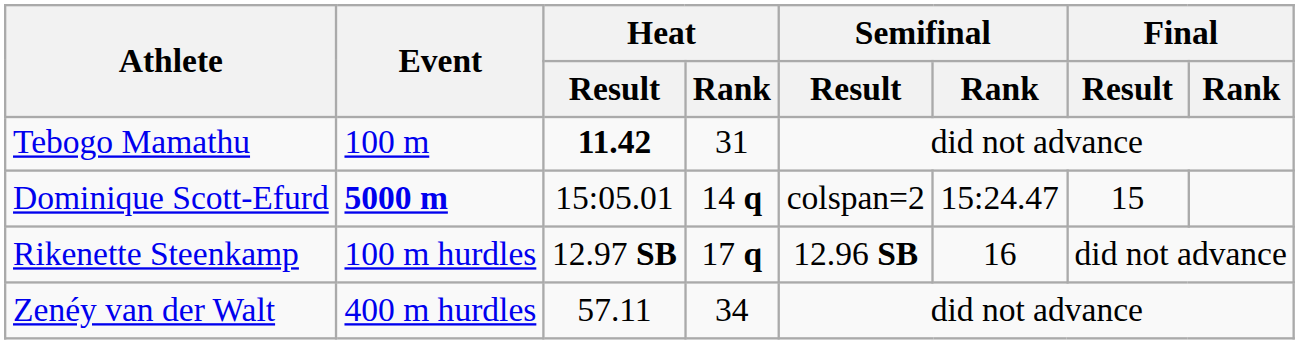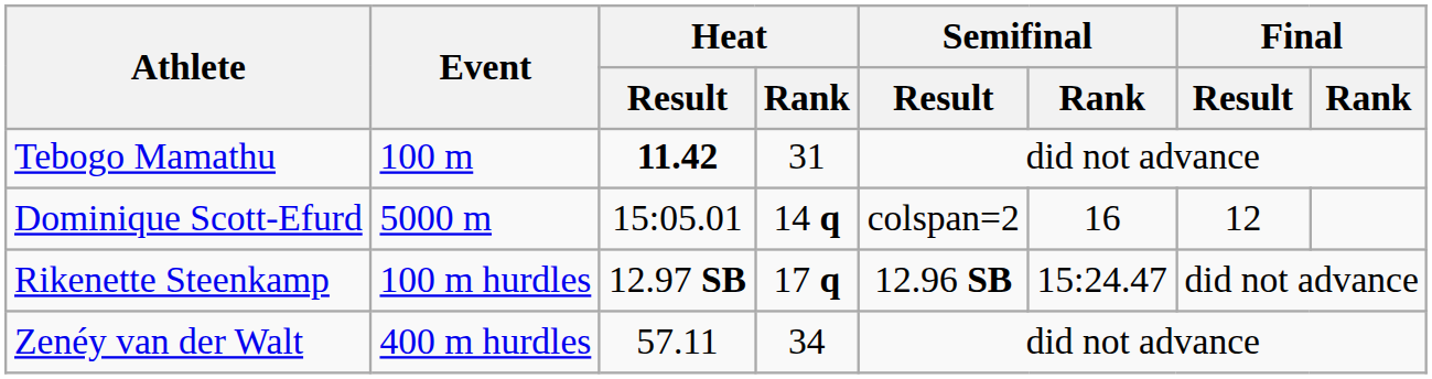 <table class="wikitable"  style=font-size:90%>
 <tr>
 <th rowspan="2">Athlete</th>
 <th rowspan="2">Event</th>
 <th colspan="2">Heat</th>
 <th colspan="2">Semifinal</th>
 <th colspan="2">Final</th>
 </tr>
 <tr>
 <th>Result</th>
 <th>Rank</th>
 <th>Result</th>
 <th>Rank</th>
 <th>Result</th>
 <th>Rank</th>
 </tr>
 <tr style=text-align:center>
 <td style=text-align:left><a href='#'>Tebogo Mamathu</a></td>
 <td style=text-align:left><a href='#'>100 m</a></td>
 <td><strong>11.42</strong></td>
 <td>31</td>
 <td colspan=4>did not advance</td>
 </tr>
 <tr style=text-align:center>
 <td style=text-align:left><a href='#'>Dominique Scott-Efurd</a></td>
-<td style=text-align:left><strong><a href='#'>5000 m</a></strong></td>
+<td style=text-align:left><a href='#'>5000 m</a></td>
 <td>15:05.01</td>
 <td>14 <strong>q</strong></td>
 <td>colspan=2 </td>
-<td>15:24.47</td>
-<td>15</td>
+<td>16</td>
+<td>12</td>
 </tr>
 <tr style=text-align:center>
 <td style=text-align:left><a href='#'>Rikenette Steenkamp</a></td>
 <td style=text-align:left><a href='#'>100 m hurdles</a></td>
 <td>12.97 <strong>SB</strong></td>
 <td>17 <strong>q</strong></td>
 <td>12.96 <strong>SB</strong></td>
-<td>16</td>
+<td>15:24.47</td>
 <td colspan=2>did not advance</td>
 </tr>
 <tr style=text-align:center>
 <td style=text-align:left><a href='#'>Zenéy van der Walt</a></td>
 <td style=text-align:left><a href='#'>400 m hurdles</a></td>
 <td>57.11</td>
 <td>34</td>
 <td colspan=4>did not advance</td>
 </tr>
 </table>
